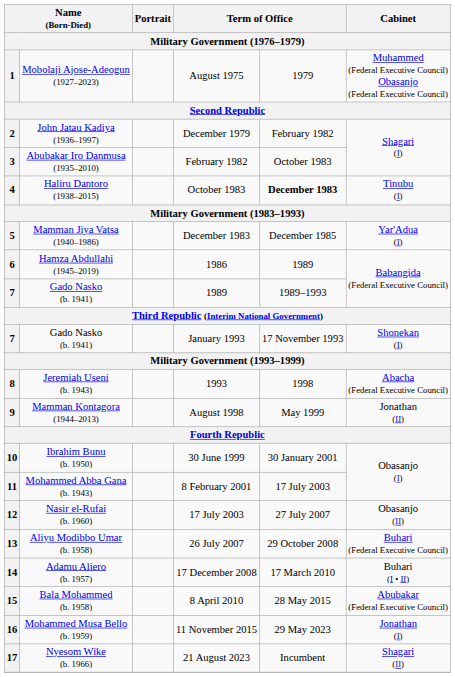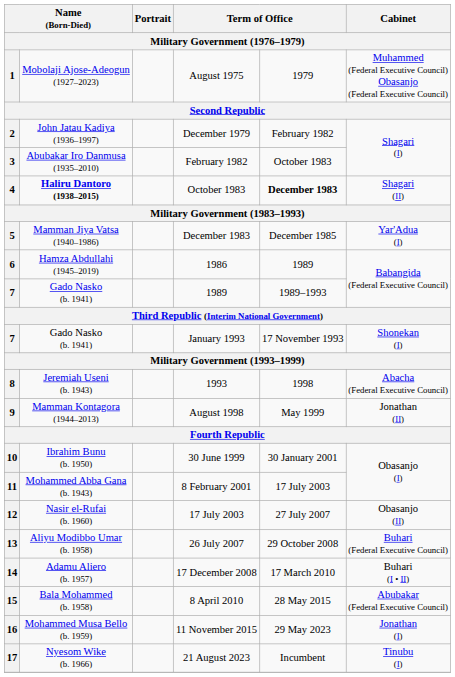 <table class="wikitable" style="text-align:center;">
 <tr>
 <th colspan="2">Name<br><small>(Born-Died)</small></th>
 <th>Portrait</th>
 <th colspan="2">Term of Office</th>
 <th>Cabinet</th>
 </tr>
 <tr>
 <th colspan="6">Military Government (1976–1979)</th>
 </tr>
 <tr>
 <th>1</th>
 <td><a href='#'>Mobolaji Ajose-Adeogun</a><br><small>(1927–2023)</small></td>
 <td></td>
 <td>August 1975</td>
 <td>1979</td>
 <td><a href='#'>Muhammed</a><br><small>(Federal Executive Council)</small><br><a href='#'>Obasanjo</a><br><small>(Federal Executive Council)</small></td>
 </tr>
 <tr>
 <th colspan="6"><a href='#'>Second Republic</a></th>
 </tr>
 <tr>
 <th style="background:">2</th>
 <td><a href='#'>John Jatau Kadiya</a><br><small>(1936–1997)</small></td>
 <td></td>
 <td>December 1979</td>
 <td>February 1982</td>
 <td rowspan="2"><a href='#'>Shagari</a><br><small>(<a href='#'>I</a>)</small></td>
 </tr>
 <tr>
 <th style="background:">3</th>
 <td><a href='#'>Abubakar Iro Danmusa</a><br><small>(1935–2010)</small></td>
 <td></td>
 <td>February 1982</td>
 <td>October 1983</td>
 </tr>
 <tr>
 <th style="background:">4</th>
-<td><a href='#'>Haliru Dantoro</a><br><small>(1938–2015)</small></td>
+<td><strong><a href='#'>Haliru Dantoro</a><br><small>(1938–2015)</small></strong></td>
 <td></td>
 <td>October 1983</td>
 <td><strong>December 1983</strong></td>
-<td><a href='#'>Tinubu</a><br><small>(<a href='#'>I</a>)</small></td>
+<td><a href='#'>Shagari</a><br><small>(<a href='#'>II</a>)</small></td>
 </tr>
 <tr>
 <th colspan="6">Military Government (1983–1993)</th>
 </tr>
 <tr>
 <th style="background:">5</th>
 <td><a href='#'>Mamman Jiya Vatsa</a><br><small>(1940–1986)</small></td>
 <td></td>
 <td>December 1983</td>
 <td>December 1985</td>
 <td><a href='#'>Yar'Adua</a><br><small>(<a href='#'>I</a>)</small></td>
 </tr>
 <tr>
 <th style="background:">6</th>
 <td><a href='#'>Hamza Abdullahi</a><br><small>(1945–2019)</small></td>
 <td></td>
 <td>1986</td>
 <td>1989</td>
 <td rowspan="2"><a href='#'>Babangida</a><br><small>(Federal Executive Council)</small></td>
 </tr>
 <tr>
 <th style="background:">7</th>
 <td><a href='#'>Gado Nasko</a><br><small>(b. 1941)</small></td>
 <td></td>
 <td>1989</td>
 <td>1989–1993</td>
 </tr>
 <tr>
 <th colspan="6"><a href='#'>Third Republic</a> <small>(<a href='#'>Interim National Government</a>)</small></th>
 </tr>
 <tr>
 <th style="background:">7</th>
 <td>Gado Nasko<br><small>(b. 1941)</small></td>
 <td></td>
 <td>January 1993</td>
 <td>17 November 1993</td>
 <td><a href='#'>Shonekan</a><br><small>(<a href='#'>I</a>)</small></td>
 </tr>
 <tr>
 <th colspan="6">Military Government (1993–1999)</th>
 </tr>
 <tr>
 <th style="background:">8</th>
 <td><a href='#'>Jeremiah Useni</a><br><small>(b. 1943)</small></td>
 <td></td>
 <td>1993</td>
 <td>1998</td>
 <td><a href='#'>Abacha</a><br><small>(Federal Executive Council)</small></td>
 </tr>
 <tr>
 <th style="background:">9</th>
 <td><a href='#'>Mamman Kontagora</a><br><small>(1944–2013)</small></td>
 <td></td>
 <td>August 1998</td>
 <td>May 1999</td>
 <td>Jonathan<br><small>(<a href='#'>II</a>)</small></td>
 </tr>
 <tr>
 <th colspan="6"><a href='#'>Fourth Republic</a></th>
 </tr>
 <tr>
 <th style="background:">10</th>
 <td><a href='#'>Ibrahim Bunu</a><br><small>(b. 1950)</small></td>
 <td></td>
 <td>30 June 1999</td>
 <td>30 January 2001</td>
 <td rowspan="2">Obasanjo<br><small>(<a href='#'>I</a>)</small></td>
 </tr>
 <tr>
 <th style="background:">11</th>
 <td><a href='#'>Mohammed Abba Gana</a><br><small>(b. 1943)</small></td>
 <td></td>
 <td>8 February 2001</td>
 <td>17 July 2003</td>
 </tr>
 <tr>
 <th style="background:">12</th>
 <td><a href='#'>Nasir el-Rufai</a><br><small>(b. 1960)</small></td>
 <td></td>
 <td>17 July 2003</td>
 <td>27 July 2007</td>
 <td>Obasanjo<br><small>(<a href='#'>II</a>)</small></td>
 </tr>
 <tr>
 <th style="background:">13</th>
 <td><a href='#'>Aliyu Modibbo Umar</a><br><small>(b. 1958)</small></td>
 <td></td>
 <td>26 July 2007</td>
 <td>29 October 2008</td>
 <td><a href='#'>Buhari</a><br><small>(Federal Executive Council)</small></td>
 </tr>
 <tr>
 <th style="background:">14</th>
 <td><a href='#'>Adamu Aliero</a><br><small>(b. 1957)</small></td>
 <td></td>
 <td>17 December 2008</td>
 <td>17 March 2010</td>
 <td>Buhari<br><small>(<a href='#'>I</a> • <a href='#'>II</a>)</small></td>
 </tr>
 <tr>
 <th style="background:">15</th>
 <td><a href='#'>Bala Mohammed</a><br><small>(b. 1958)</small></td>
 <td></td>
 <td>8 April 2010</td>
 <td>28 May 2015</td>
 <td><a href='#'>Abubakar</a><br><small>(Federal Executive Council)</small></td>
 </tr>
 <tr>
 <th style="background:">16</th>
 <td><a href='#'>Mohammed Musa Bello</a><br><small>(b. 1959)</small></td>
 <td></td>
 <td>11 November 2015</td>
 <td>29 May 2023</td>
 <td><a href='#'>Jonathan</a><br><small>(<a href='#'>I</a>)</small></td>
 </tr>
 <tr>
 <th style="background:">17</th>
 <td><a href='#'>Nyesom Wike</a><br><small>(b. 1966)</small></td>
 <td></td>
 <td>21 August 2023</td>
 <td>Incumbent</td>
-<td><a href='#'>Shagari</a><br><small>(<a href='#'>II</a>)</small></td>
+<td><a href='#'>Tinubu</a><br><small>(<a href='#'>I</a>)</small></td>
 </tr>
 <tr>
 </tr>
 </table>
